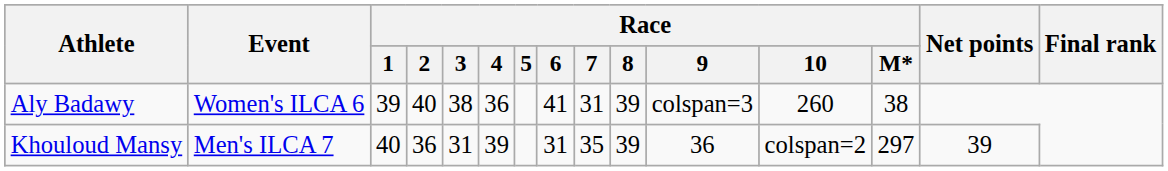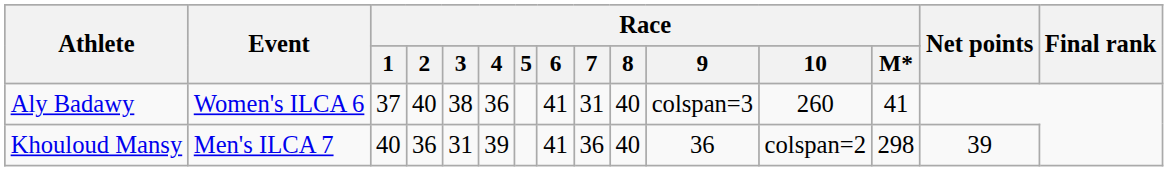 <table class="wikitable" style="font-size:90%">
 <tr>
 <th rowspan="2">Athlete</th>
 <th rowspan="2">Event</th>
 <th colspan=11>Race</th>
 <th rowspan=2>Net points</th>
 <th rowspan=2>Final rank</th>
 </tr>
 <tr style="font-size:95%">
 <th>1</th>
 <th>2</th>
 <th>3</th>
 <th>4</th>
 <th>5</th>
 <th>6</th>
 <th>7</th>
 <th>8</th>
 <th>9</th>
 <th>10</th>
 <th>M*</th>
 </tr>
 <tr align=center>
 <td align=left><a href='#'>Aly Badawy</a></td>
 <td align=left><a href='#'>Women's ILCA 6</a></td>
-<td>39</td>
+<td>37</td>
 <td>40</td>
 <td>38</td>
 <td>36</td>
 <td></td>
 <td>41</td>
 <td>31</td>
-<td>39</td>
+<td>40</td>
 <td>colspan=3 </td>
 <td>260</td>
-<td>38</td>
+<td>41</td>
 </tr>
 <tr align=center>
 <td align=left><a href='#'>Khouloud Mansy</a></td>
 <td align=left><a href='#'>Men's ILCA 7</a></td>
 <td>40</td>
 <td>36</td>
 <td>31</td>
 <td>39</td>
 <td></td>
-<td>31</td>
-<td>35</td>
-<td>39</td>
+<td>41</td>
+<td>36</td>
+<td>40</td>
 <td>36</td>
 <td>colspan=2 </td>
-<td>297</td>
+<td>298</td>
 <td>39</td>
 </tr>
 </table>
